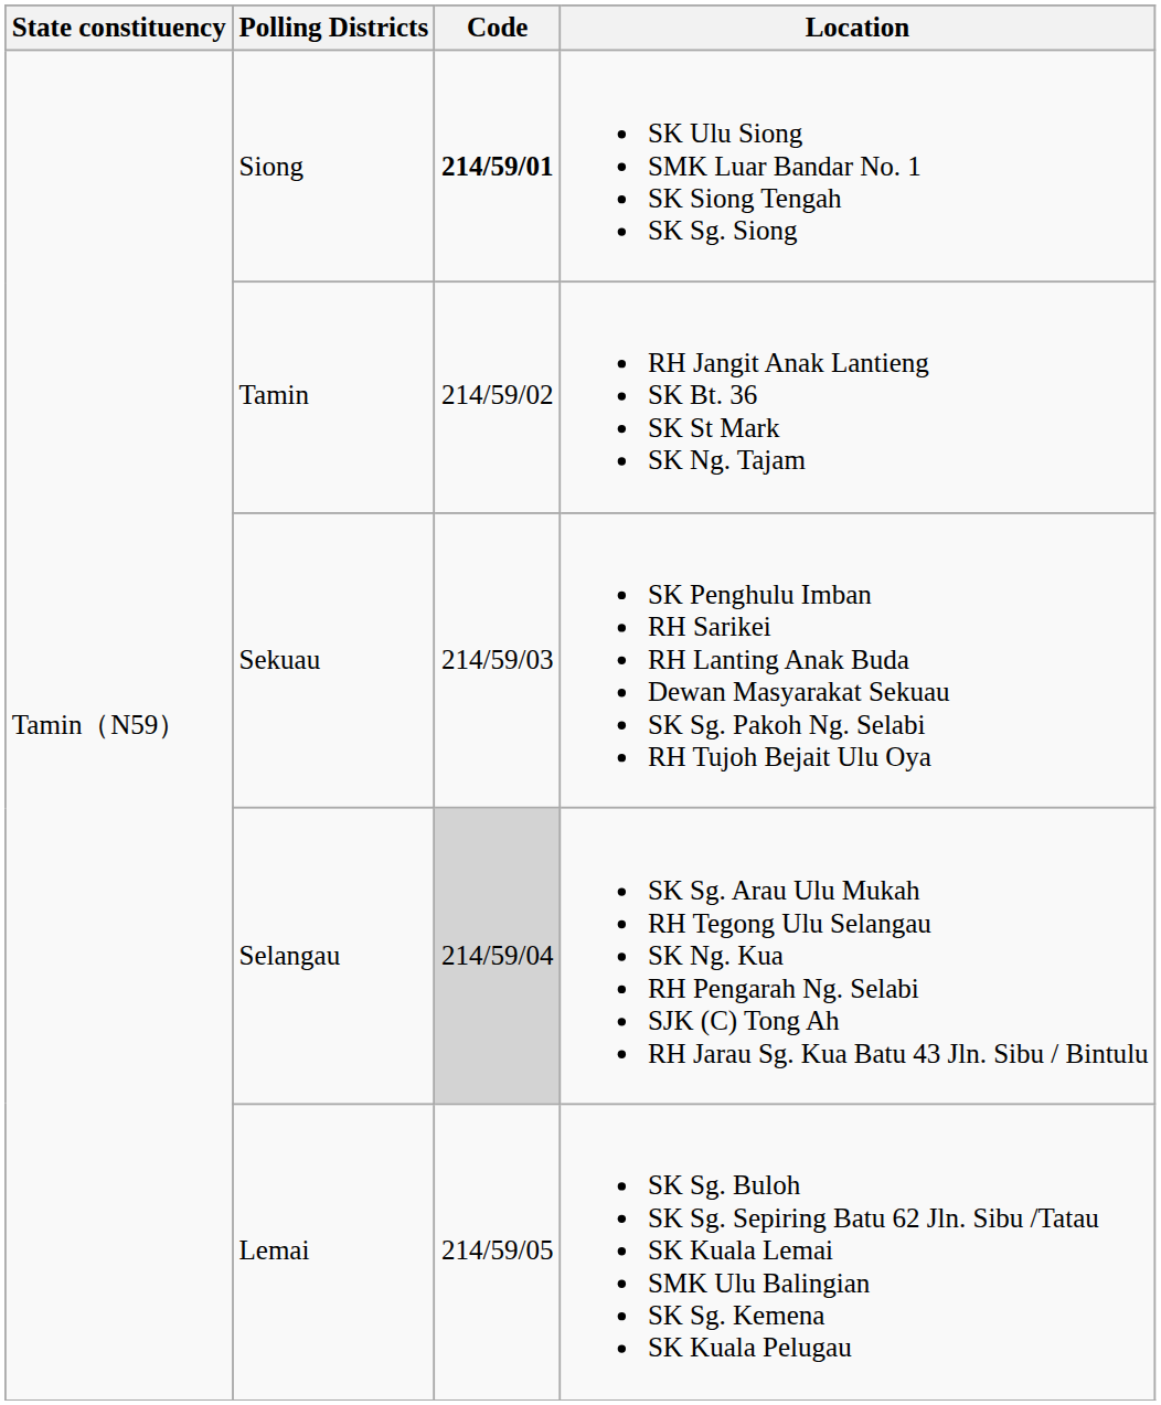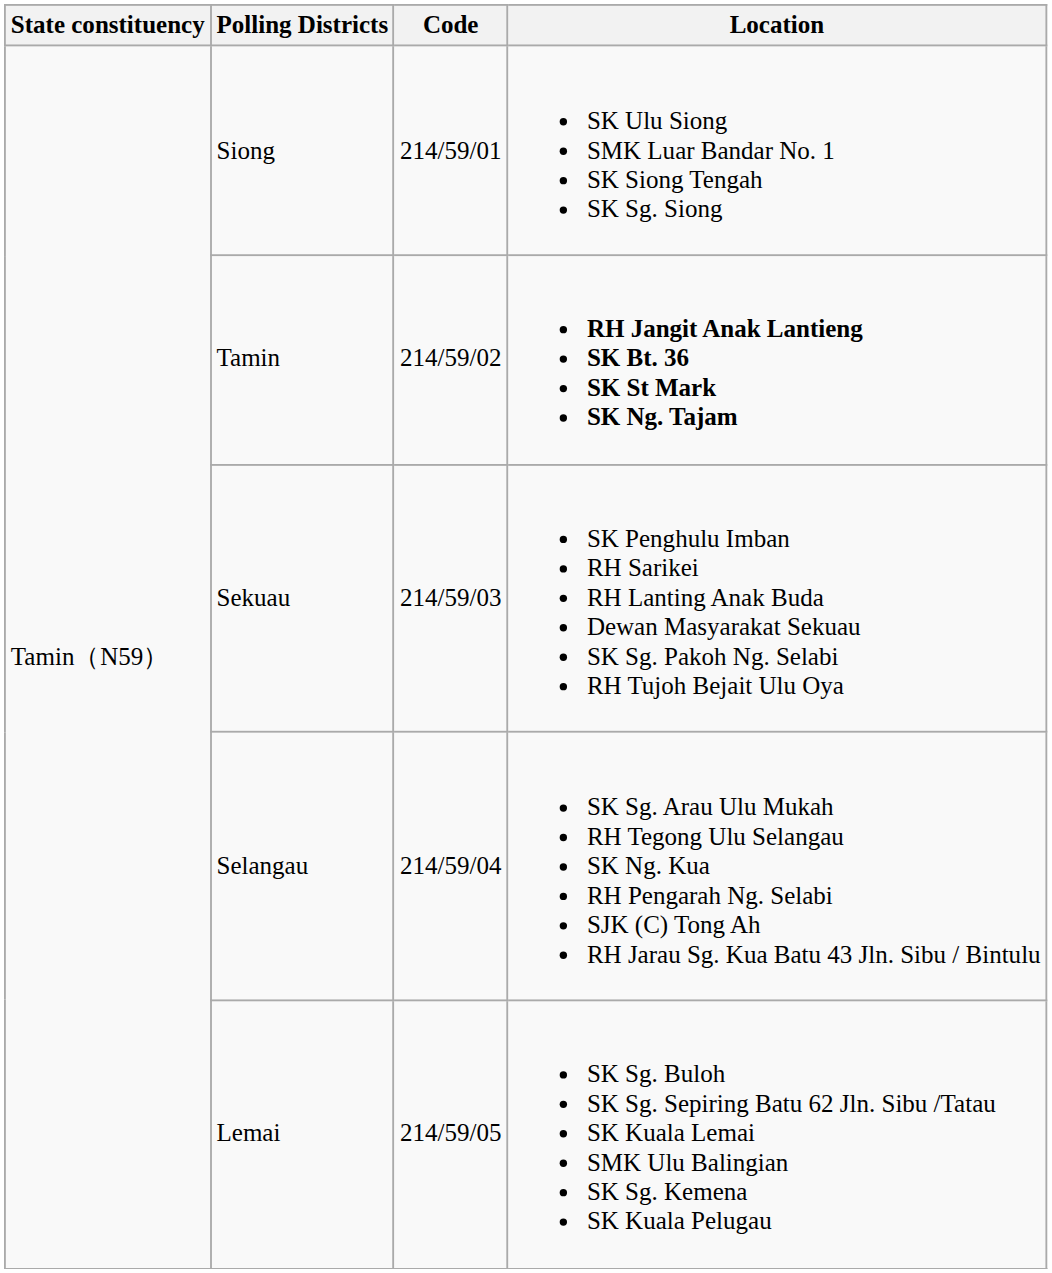 <table class="wikitable sortable mw-collapsible" style="white-space:nowrap;font-size:85%">
 <tr>
 <th>State constituency</th>
 <th>Polling Districts</th>
 <th>Code</th>
 <th>Location</th>
 </tr>
 <tr>
 <td rowspan="5">Tamin（N59）</td>
 <td>Siong</td>
-<td><strong>214/59/01</strong></td>
+<td>214/59/01</td>
 <td><br><ul><li>SK Ulu Siong</li><li>SMK Luar Bandar No. 1</li><li>SK Siong Tengah</li><li>SK Sg. Siong</li></ul></td>
 </tr>
 <tr>
 <td>Tamin</td>
 <td>214/59/02</td>
-<td><br><ul><li>RH Jangit Anak Lantieng</li><li>SK Bt. 36</li><li>SK St Mark</li><li>SK Ng. Tajam</li></ul></td>
+<td><strong><br><ul><li>RH Jangit Anak Lantieng</li><li>SK Bt. 36</li><li>SK St Mark</li><li>SK Ng. Tajam</li></ul></strong></td>
 </tr>
 <tr>
 <td>Sekuau</td>
 <td>214/59/03</td>
 <td><br><ul><li>SK Penghulu Imban</li><li>RH Sarikei</li><li>RH Lanting Anak Buda</li><li>Dewan Masyarakat Sekuau</li><li>SK Sg. Pakoh Ng. Selabi</li><li>RH Tujoh Bejait Ulu Oya</li></ul></td>
 </tr>
 <tr>
 <td>Selangau</td>
-<td style="background: lightgrey;">214/59/04</td>
+<td>214/59/04</td>
 <td><br><ul><li>SK Sg. Arau Ulu Mukah</li><li>RH Tegong Ulu Selangau</li><li>SK Ng. Kua</li><li>RH Pengarah Ng. Selabi</li><li>SJK (C) Tong Ah</li><li>RH Jarau Sg. Kua Batu 43 Jln. Sibu / Bintulu</li></ul></td>
 </tr>
 <tr>
 <td>Lemai</td>
 <td>214/59/05</td>
 <td><br><ul><li>SK Sg. Buloh</li><li>SK Sg. Sepiring Batu 62 Jln. Sibu /Tatau</li><li>SK Kuala Lemai</li><li>SMK Ulu Balingian</li><li>SK Sg. Kemena</li><li>SK Kuala Pelugau</li></ul></td>
 </tr>
 <tr>
 </tr>
 </table>
